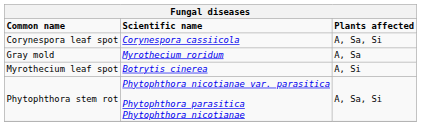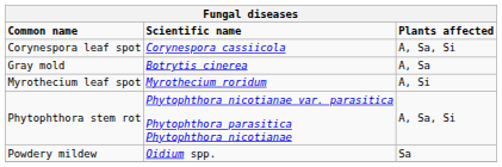 <table class="wikitable" style="clear">
 <tr>
 <th colspan=3><strong>Fungal diseases</strong><br></th>
 </tr>
 <tr>
 <td><strong>Common name</strong></td>
 <td><strong>Scientific name</strong></td>
 <td><strong>Plants affected</strong></td>
 </tr>
 <tr>
 <td>Corynespora leaf spot</td>
 <td><em><a href='#'>Corynespora cassiicola</a></em></td>
 <td>A, Sa, Si</td>
 </tr>
 <tr>
 <td>Gray mold</td>
-<td><em><a href='#'>Myrothecium roridum</a></em></td>
+<td><em><a href='#'>Botrytis cinerea</a></em></td>
 <td>A, Sa</td>
 </tr>
 <tr>
 <td>Myrothecium leaf spot</td>
-<td><em><a href='#'>Botrytis cinerea</a></em></td>
+<td><em><a href='#'>Myrothecium roridum</a></em></td>
 <td>A, Si</td>
 </tr>
 <tr>
 <td>Phytophthora stem rot</td>
 <td><em><a href='#'>Phytophthora nicotianae var. parasitica</a></em> <br><br> <em><a href='#'>Phytophthora parasitica</a></em><br>  <em><a href='#'>Phytophthora nicotianae</a></em></td>
 <td>A, Sa, Si</td>
 </tr>
 <tr>
+<td>Powdery mildew</td>
+<td><em><a href='#'>Oidium</a></em> spp.</td>
+<td>Sa</td>
+</tr>
+<tr>
 </tr>
 </table>
